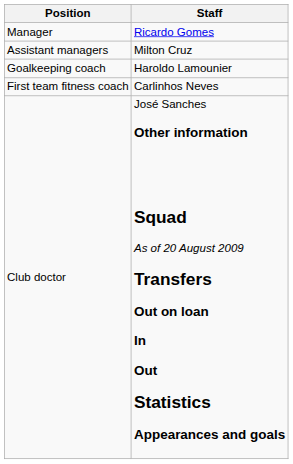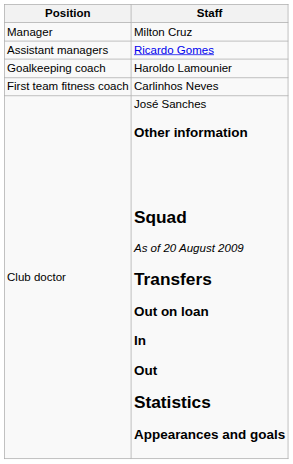 <table class="wikitable">
 <tr>
 <th>Position</th>
 <th>Staff</th>
 </tr>
 <tr>
 <td>Manager</td>
-<td> <a href='#'>Ricardo Gomes</a></td>
+<td> Milton Cruz</td>
 </tr>
 <tr>
 <td>Assistant managers</td>
-<td> Milton Cruz</td>
+<td> <a href='#'>Ricardo Gomes</a></td>
 </tr>
 <tr>
 <td>Goalkeeping coach</td>
 <td> Haroldo Lamounier</td>
 </tr>
 <tr>
 <td>First team fitness coach</td>
 <td> Carlinhos Neves</td>
 </tr>
 <tr>
 <td>Club doctor</td>
 <td> José Sanches<br><h3>Other information</h3><br><br><br><h2>Squad</h2><em>As of 20 August 2009</em>                                      <h2>Transfers</h2><h3>Out on loan</h3>       <h3>In</h3>                 <h3>Out</h3>           <h2>Statistics</h2><h3>Appearances and goals</h3>                                  </td>
 </tr>
 </table>
